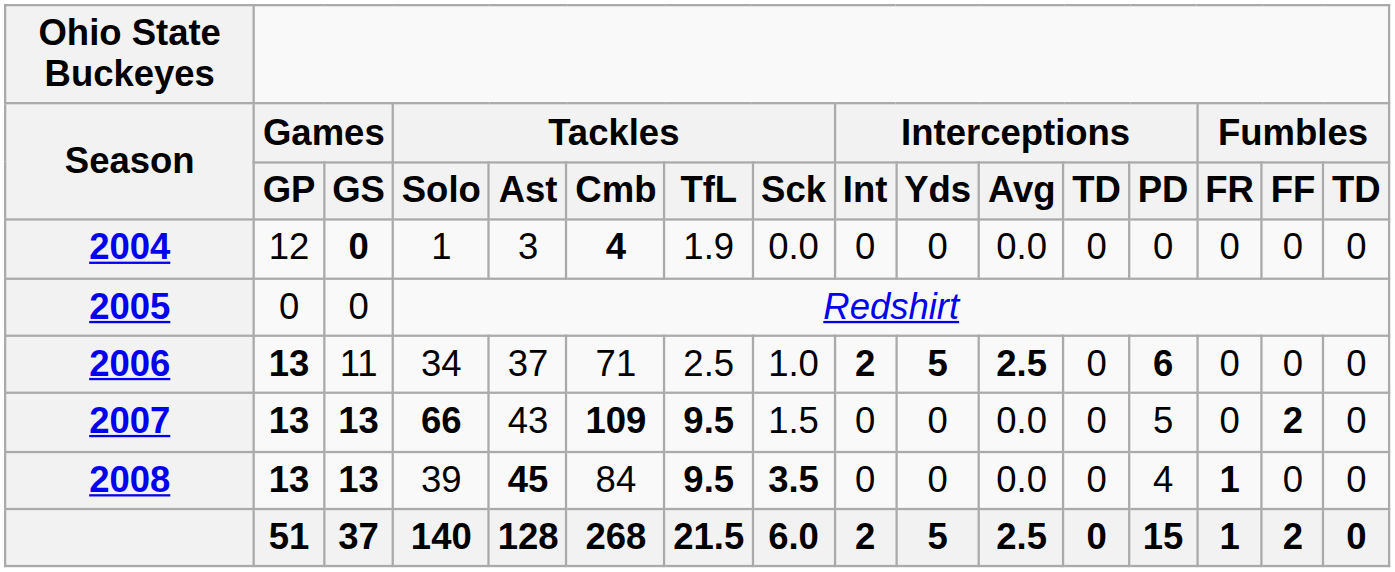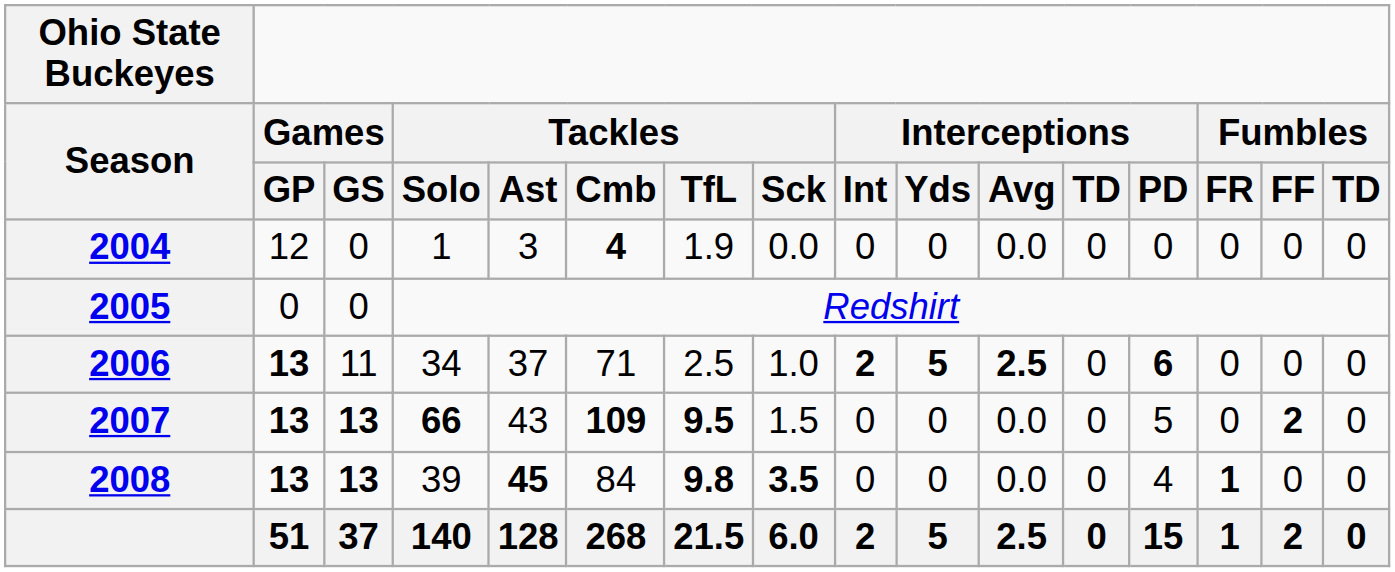 <table class="wikitable" style="text-align:center;">
 <tr>
 <th>Ohio State Buckeyes</th>
 </tr>
 <tr>
 <th rowspan="2">Season</th>
 <th colspan="2">Games</th>
 <th colspan="5">Tackles</th>
 <th colspan="5">Interceptions</th>
 <th colspan="3">Fumbles</th>
 </tr>
 <tr>
 <th>GP</th>
 <th>GS</th>
 <th>Solo</th>
 <th>Ast</th>
 <th>Cmb</th>
 <th>TfL</th>
 <th>Sck</th>
 <th>Int</th>
 <th>Yds</th>
 <th>Avg</th>
 <th>TD</th>
 <th>PD</th>
 <th>FR</th>
 <th>FF</th>
 <th>TD</th>
 </tr>
 <tr>
 <th><a href='#'>2004</a></th>
 <td>12</td>
-<td><strong>0</strong></td>
+<td>0</td>
 <td>1</td>
 <td>3</td>
 <td><strong>4</strong></td>
 <td>1.9</td>
 <td>0.0</td>
 <td>0</td>
 <td>0</td>
 <td>0.0</td>
 <td>0</td>
 <td>0</td>
 <td>0</td>
 <td>0</td>
 <td>0</td>
 </tr>
 <tr>
 <th><a href='#'>2005</a></th>
 <td>0</td>
 <td>0</td>
 <td colspan="13"> <em><a href='#'>Redshirt</a></em></td>
 </tr>
 <tr>
 <th><a href='#'>2006</a></th>
 <td><strong>13</strong></td>
 <td>11</td>
 <td>34</td>
 <td>37</td>
 <td>71</td>
 <td>2.5</td>
 <td>1.0</td>
 <td><strong>2</strong></td>
 <td><strong>5</strong></td>
 <td><strong>2.5</strong></td>
 <td>0</td>
 <td><strong>6</strong></td>
 <td>0</td>
 <td>0</td>
 <td>0</td>
 </tr>
 <tr>
 <th><a href='#'>2007</a></th>
 <td><strong>13</strong></td>
 <td><strong>13</strong></td>
 <td><strong>66</strong></td>
 <td>43</td>
 <td><strong>109</strong></td>
 <td><strong>9.5</strong></td>
 <td>1.5</td>
 <td>0</td>
 <td>0</td>
 <td>0.0</td>
 <td>0</td>
 <td>5</td>
 <td>0</td>
 <td><strong>2</strong></td>
 <td>0</td>
 </tr>
 <tr>
 <th><a href='#'>2008</a></th>
 <td><strong>13</strong></td>
 <td><strong>13</strong></td>
 <td>39</td>
 <td><strong>45</strong></td>
 <td>84</td>
-<td><strong>9.5</strong></td>
+<td><strong>9.8</strong></td>
 <td><strong>3.5</strong></td>
 <td>0</td>
 <td>0</td>
 <td>0.0</td>
 <td>0</td>
 <td>4</td>
 <td><strong>1</strong></td>
 <td>0</td>
 <td>0</td>
 </tr>
 <tr>
 <th></th>
 <th>51</th>
 <th>37</th>
 <th>140</th>
 <th>128</th>
 <th>268</th>
 <th>21.5</th>
 <th>6.0</th>
 <th>2</th>
 <th>5</th>
 <th>2.5</th>
 <th>0</th>
 <th>15</th>
 <th>1</th>
 <th>2</th>
 <th>0</th>
 </tr>
 </table>
